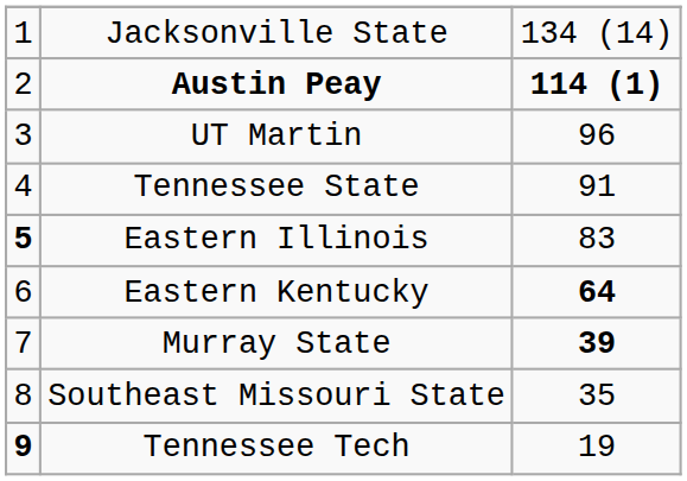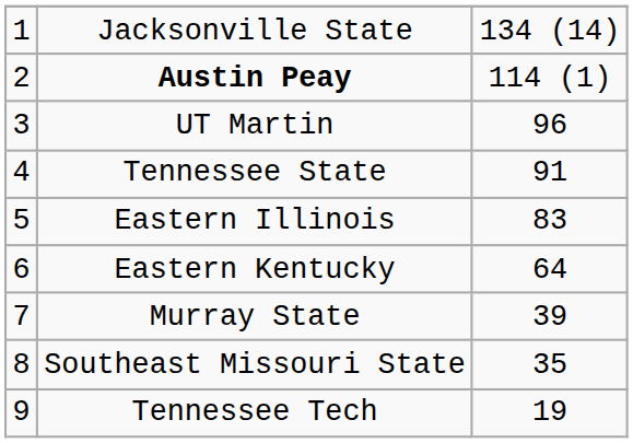 <table class="wikitable" style="display: inline-table;">
 <tr align="center">
 </tr>
 <tr align="center">
 <td>1</td>
 <td>Jacksonville State</td>
 <td>134 (14)</td>
 </tr>
 <tr align="center">
 <td>2</td>
 <td><strong>Austin Peay</strong></td>
-<td><strong>114 (1)</strong></td>
+<td>114 (1)</td>
 </tr>
 <tr align="center">
 <td>3</td>
 <td>UT Martin</td>
 <td>96</td>
 </tr>
 <tr align="center">
 <td>4</td>
 <td>Tennessee State</td>
 <td>91</td>
 </tr>
 <tr align="center">
-<td><strong>5</strong></td>
+<td>5</td>
 <td>Eastern Illinois</td>
 <td>83</td>
 </tr>
 <tr align="center">
 <td>6</td>
 <td>Eastern Kentucky</td>
-<td><strong>64</strong></td>
+<td>64</td>
 </tr>
 <tr align="center">
 <td>7</td>
 <td>Murray State</td>
-<td><strong>39</strong></td>
+<td>39</td>
 </tr>
 <tr align="center">
 <td>8</td>
 <td>Southeast Missouri State</td>
 <td>35</td>
 </tr>
 <tr align="center">
-<td><strong>9</strong></td>
+<td>9</td>
 <td>Tennessee Tech</td>
 <td>19</td>
 </tr>
 </table>
